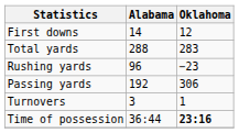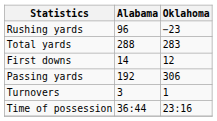 <table class="wikitable" style="float: left;">
 <tr>
 <th>Statistics</th>
 <th>Alabama</th>
 <th>Oklahoma</th>
 </tr>
 <tr>
-<td>First downs</td>
-<td>14</td>
-<td>12</td>
+<td>Rushing yards</td>
+<td>96</td>
+<td>−23</td>
 </tr>
 <tr>
 <td>Total yards</td>
 <td>288</td>
 <td>283</td>
 </tr>
 <tr>
-<td>Rushing yards</td>
-<td>96</td>
-<td>−23</td>
+<td>First downs</td>
+<td>14</td>
+<td>12</td>
 </tr>
 <tr>
 <td>Passing yards</td>
 <td>192</td>
 <td>306</td>
 </tr>
 <tr>
 <td>Turnovers</td>
 <td>3</td>
 <td>1</td>
 </tr>
 <tr>
 <td>Time of possession</td>
 <td>36:44</td>
-<td><strong>23:16</strong></td>
+<td>23:16</td>
 </tr>
 <tr>
 </tr>
 </table>
